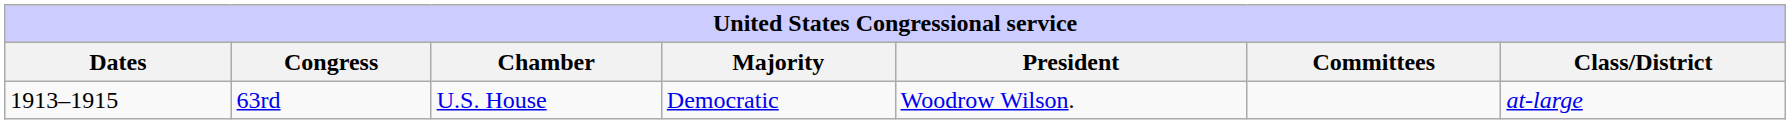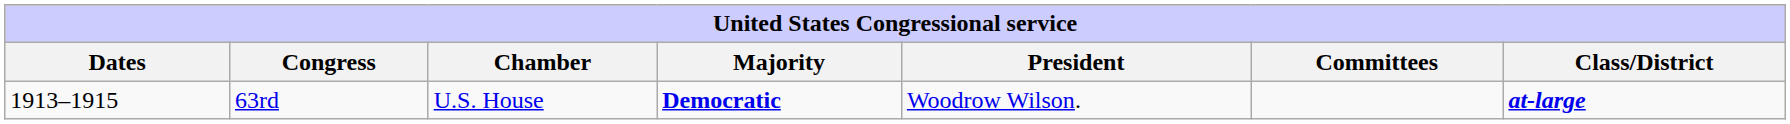 <table class=wikitable style="width: 94%" style="text-align: center;" align="center">
 <tr bgcolor=#cccccc>
 <th colspan=7 style="background: #ccccff;">United States Congressional service</th>
 </tr>
 <tr>
 <th>Dates</th>
 <th>Congress</th>
 <th>Chamber</th>
 <th>Majority</th>
 <th>President</th>
 <th>Committees</th>
 <th>Class/District</th>
 </tr>
 <tr>
 <td>1913–1915</td>
 <td><a href='#'>63rd</a></td>
 <td><a href='#'>U.S. House</a></td>
-<td><a href='#'>Democratic</a></td>
+<td><strong><a href='#'>Democratic</a></strong></td>
 <td><a href='#'>Woodrow Wilson</a>.</td>
 <td></td>
-<td><a href='#'><em>at-large</em></a></td>
+<td><strong><a href='#'><em>at-large</em></a></strong></td>
 </tr>
 </table>
